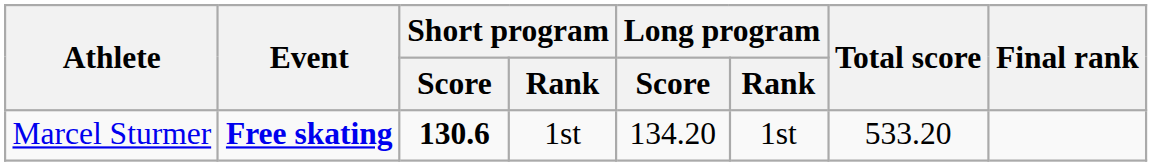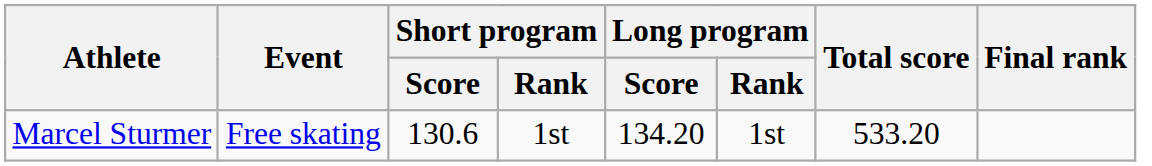 <table class="wikitable" style="font-size:90%">
 <tr>
 <th rowspan=2>Athlete</th>
 <th rowspan=2>Event</th>
 <th colspan=2>Short program</th>
 <th colspan=2>Long program</th>
 <th rowspan=2>Total score</th>
 <th rowspan=2>Final rank</th>
 </tr>
 <tr>
 <th>Score</th>
 <th>Rank</th>
 <th>Score</th>
 <th>Rank</th>
 </tr>
 <tr>
 <td><a href='#'>Marcel Sturmer</a></td>
-<td><strong><a href='#'>Free skating</a></strong></td>
-<td align=center><strong>130.6</strong></td>
+<td><a href='#'>Free skating</a></td>
+<td align=center>130.6</td>
 <td align=center>1st</td>
 <td align=center>134.20</td>
 <td align=center>1st</td>
 <td align=center>533.20</td>
 <td align=center></td>
 </tr>
 </table>
